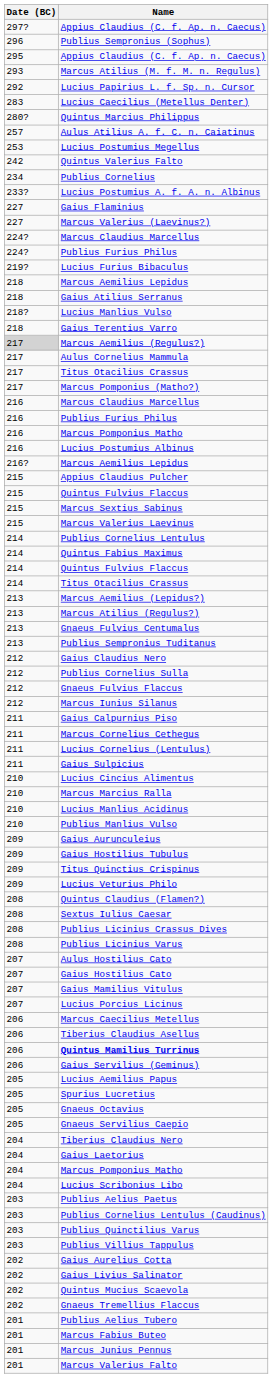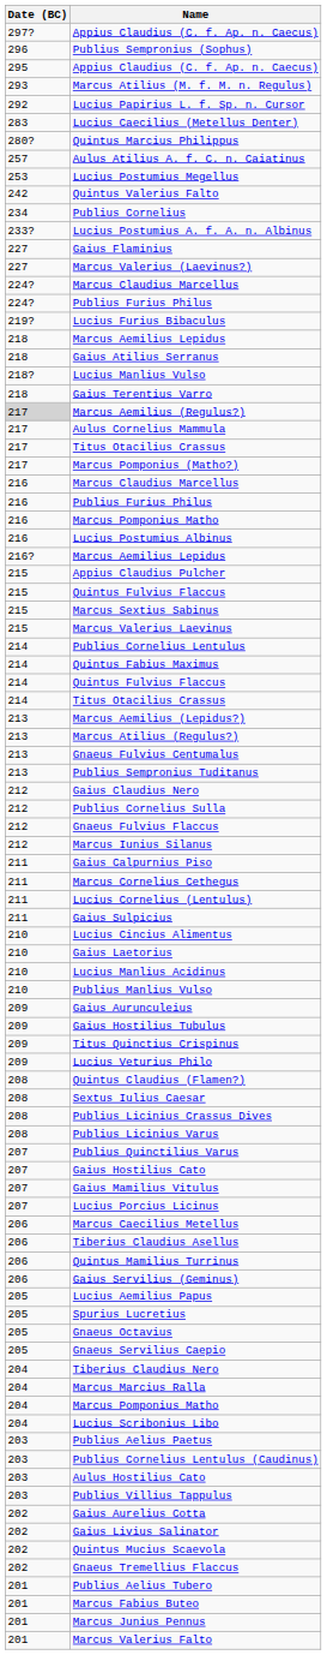 <table class="wikitable sortable">
 <tr>
 <th>Date (BC)</th>
 <th>Name</th>
 </tr>
 <tr>
 <td>297?</td>
 <td><a href='#'>Appius Claudius (C. f. Ap. n. Caecus)</a></td>
 </tr>
 <tr>
 <td>296</td>
 <td><a href='#'>Publius Sempronius (Sophus)</a></td>
 </tr>
 <tr>
 <td>295</td>
 <td><a href='#'>Appius Claudius (C. f. Ap. n. Caecus)</a></td>
 </tr>
 <tr>
 <td>293</td>
 <td><a href='#'>Marcus Atilius (M. f. M. n. Regulus)</a></td>
 </tr>
 <tr>
 <td>292</td>
 <td><a href='#'>Lucius Papirius L. f. Sp. n. Cursor</a></td>
 </tr>
 <tr>
 <td>283</td>
 <td><a href='#'>Lucius Caecilius (Metellus Denter)</a></td>
 </tr>
 <tr>
 <td>280?</td>
 <td><a href='#'>Quintus Marcius Philippus</a></td>
 </tr>
 <tr>
 <td>257</td>
 <td><a href='#'>Aulus Atilius A. f. C. n. Caiatinus</a></td>
 </tr>
 <tr>
 <td>253</td>
 <td><a href='#'>Lucius Postumius Megellus</a></td>
 </tr>
 <tr>
 <td>242</td>
 <td><a href='#'>Quintus Valerius Falto</a></td>
 </tr>
 <tr>
 <td>234</td>
 <td><a href='#'>Publius Cornelius</a></td>
 </tr>
 <tr>
 <td>233?</td>
 <td><a href='#'>Lucius Postumius A. f. A. n. Albinus</a></td>
 </tr>
 <tr>
 <td>227</td>
 <td><a href='#'>Gaius Flaminius</a></td>
 </tr>
 <tr>
 <td>227</td>
 <td><a href='#'>Marcus Valerius (Laevinus?)</a></td>
 </tr>
 <tr>
 <td>224?</td>
 <td><a href='#'>Marcus Claudius Marcellus</a></td>
 </tr>
 <tr>
 <td>224?</td>
 <td><a href='#'>Publius Furius Philus</a></td>
 </tr>
 <tr>
 <td>219?</td>
 <td><a href='#'>Lucius Furius Bibaculus</a></td>
 </tr>
 <tr>
 <td>218</td>
 <td><a href='#'>Marcus Aemilius Lepidus</a></td>
 </tr>
 <tr>
 <td>218</td>
 <td><a href='#'>Gaius Atilius Serranus</a></td>
 </tr>
 <tr>
 <td>218?</td>
 <td><a href='#'>Lucius Manlius Vulso</a></td>
 </tr>
 <tr>
 <td>218</td>
 <td><a href='#'>Gaius Terentius Varro</a></td>
 </tr>
 <tr>
 <td style="background: lightgrey;">217</td>
 <td><a href='#'>Marcus Aemilius (Regulus?)</a></td>
 </tr>
 <tr>
 <td>217</td>
 <td><a href='#'>Aulus Cornelius Mammula</a></td>
 </tr>
 <tr>
 <td>217</td>
 <td><a href='#'>Titus Otacilius Crassus</a></td>
 </tr>
 <tr>
 <td>217</td>
 <td><a href='#'>Marcus Pomponius (Matho?)</a></td>
 </tr>
 <tr>
 <td>216</td>
 <td><a href='#'>Marcus Claudius Marcellus</a></td>
 </tr>
 <tr>
 <td>216</td>
 <td><a href='#'>Publius Furius Philus</a></td>
 </tr>
 <tr>
 <td>216</td>
 <td><a href='#'>Marcus Pomponius Matho</a></td>
 </tr>
 <tr>
 <td>216</td>
 <td><a href='#'>Lucius Postumius Albinus</a></td>
 </tr>
 <tr>
 <td>216?</td>
 <td><a href='#'>Marcus Aemilius Lepidus</a></td>
 </tr>
 <tr>
 <td>215</td>
 <td><a href='#'>Appius Claudius Pulcher</a></td>
 </tr>
 <tr>
 <td>215</td>
 <td><a href='#'>Quintus Fulvius Flaccus</a></td>
 </tr>
 <tr>
 <td>215</td>
 <td><a href='#'>Marcus Sextius Sabinus</a></td>
 </tr>
 <tr>
 <td>215</td>
 <td><a href='#'>Marcus Valerius Laevinus</a></td>
 </tr>
 <tr>
 <td>214</td>
 <td><a href='#'>Publius Cornelius Lentulus</a></td>
 </tr>
 <tr>
 <td>214</td>
 <td><a href='#'>Quintus Fabius Maximus</a></td>
 </tr>
 <tr>
 <td>214</td>
 <td><a href='#'>Quintus Fulvius Flaccus</a></td>
 </tr>
 <tr>
 <td>214</td>
 <td><a href='#'>Titus Otacilius Crassus</a></td>
 </tr>
 <tr>
 <td>213</td>
 <td><a href='#'>Marcus Aemilius (Lepidus?)</a></td>
 </tr>
 <tr>
 <td>213</td>
 <td><a href='#'>Marcus Atilius (Regulus?)</a></td>
 </tr>
 <tr>
 <td>213</td>
 <td><a href='#'>Gnaeus Fulvius Centumalus</a></td>
 </tr>
 <tr>
 <td>213</td>
 <td><a href='#'>Publius Sempronius Tuditanus</a></td>
 </tr>
 <tr>
 <td>212</td>
 <td><a href='#'>Gaius Claudius Nero</a></td>
 </tr>
 <tr>
 <td>212</td>
 <td><a href='#'>Publius Cornelius Sulla</a></td>
 </tr>
 <tr>
 <td>212</td>
 <td><a href='#'>Gnaeus Fulvius Flaccus</a></td>
 </tr>
 <tr>
 <td>212</td>
 <td><a href='#'>Marcus Iunius Silanus</a></td>
 </tr>
 <tr>
 <td>211</td>
 <td><a href='#'>Gaius Calpurnius Piso</a></td>
 </tr>
 <tr>
 <td>211</td>
 <td><a href='#'>Marcus Cornelius Cethegus</a></td>
 </tr>
 <tr>
 <td>211</td>
 <td><a href='#'>Lucius Cornelius (Lentulus)</a></td>
 </tr>
 <tr>
 <td>211</td>
 <td><a href='#'>Gaius Sulpicius</a></td>
 </tr>
 <tr>
 <td>210</td>
 <td><a href='#'>Lucius Cincius Alimentus</a></td>
 </tr>
 <tr>
 <td>210</td>
-<td><a href='#'>Marcus Marcius Ralla</a></td>
+<td><a href='#'>Gaius Laetorius</a></td>
 </tr>
 <tr>
 <td>210</td>
 <td><a href='#'>Lucius Manlius Acidinus</a></td>
 </tr>
 <tr>
 <td>210</td>
 <td><a href='#'>Publius Manlius Vulso</a></td>
 </tr>
 <tr>
 <td>209</td>
 <td><a href='#'>Gaius Aurunculeius</a></td>
 </tr>
 <tr>
 <td>209</td>
 <td><a href='#'>Gaius Hostilius Tubulus</a></td>
 </tr>
 <tr>
 <td>209</td>
 <td><a href='#'>Titus Quinctius Crispinus</a></td>
 </tr>
 <tr>
 <td>209</td>
 <td><a href='#'>Lucius Veturius Philo</a></td>
 </tr>
 <tr>
 <td>208</td>
 <td><a href='#'>Quintus Claudius (Flamen?)</a></td>
 </tr>
 <tr>
 <td>208</td>
 <td><a href='#'>Sextus Iulius Caesar</a></td>
 </tr>
 <tr>
 <td>208</td>
 <td><a href='#'>Publius Licinius Crassus Dives</a></td>
 </tr>
 <tr>
 <td>208</td>
 <td><a href='#'>Publius Licinius Varus</a></td>
 </tr>
 <tr>
 <td>207</td>
-<td><a href='#'>Aulus Hostilius Cato</a></td>
+<td><a href='#'>Publius Quinctilius Varus</a></td>
 </tr>
 <tr>
 <td>207</td>
 <td><a href='#'>Gaius Hostilius Cato</a></td>
 </tr>
 <tr>
 <td>207</td>
 <td><a href='#'>Gaius Mamilius Vitulus</a></td>
 </tr>
 <tr>
 <td>207</td>
 <td><a href='#'>Lucius Porcius Licinus</a></td>
 </tr>
 <tr>
 <td>206</td>
 <td><a href='#'>Marcus Caecilius Metellus</a></td>
 </tr>
 <tr>
 <td>206</td>
 <td><a href='#'>Tiberius Claudius Asellus</a></td>
 </tr>
 <tr>
 <td>206</td>
-<td><strong><a href='#'>Quintus Mamilius Turrinus</a></strong></td>
+<td><a href='#'>Quintus Mamilius Turrinus</a></td>
 </tr>
 <tr>
 <td>206</td>
 <td><a href='#'>Gaius Servilius (Geminus)</a></td>
 </tr>
 <tr>
 <td>205</td>
 <td><a href='#'>Lucius Aemilius Papus</a></td>
 </tr>
 <tr>
 <td>205</td>
 <td><a href='#'>Spurius Lucretius</a></td>
 </tr>
 <tr>
 <td>205</td>
 <td><a href='#'>Gnaeus Octavius</a></td>
 </tr>
 <tr>
 <td>205</td>
 <td><a href='#'>Gnaeus Servilius Caepio</a></td>
 </tr>
 <tr>
 <td>204</td>
 <td><a href='#'>Tiberius Claudius Nero</a></td>
 </tr>
 <tr>
 <td>204</td>
-<td><a href='#'>Gaius Laetorius</a></td>
+<td><a href='#'>Marcus Marcius Ralla</a></td>
 </tr>
 <tr>
 <td>204</td>
 <td><a href='#'>Marcus Pomponius Matho</a></td>
 </tr>
 <tr>
 <td>204</td>
 <td><a href='#'>Lucius Scribonius Libo</a></td>
 </tr>
 <tr>
 <td>203</td>
 <td><a href='#'>Publius Aelius Paetus</a></td>
 </tr>
 <tr>
 <td>203</td>
 <td><a href='#'>Publius Cornelius Lentulus (Caudinus)</a></td>
 </tr>
 <tr>
 <td>203</td>
-<td><a href='#'>Publius Quinctilius Varus</a></td>
+<td><a href='#'>Aulus Hostilius Cato</a></td>
 </tr>
 <tr>
 <td>203</td>
 <td><a href='#'>Publius Villius Tappulus</a></td>
 </tr>
 <tr>
 <td>202</td>
 <td><a href='#'>Gaius Aurelius Cotta</a></td>
 </tr>
 <tr>
 <td>202</td>
 <td><a href='#'>Gaius Livius Salinator</a></td>
 </tr>
 <tr>
 <td>202</td>
 <td><a href='#'>Quintus Mucius Scaevola</a></td>
 </tr>
 <tr>
 <td>202</td>
 <td><a href='#'>Gnaeus Tremellius Flaccus</a></td>
 </tr>
 <tr>
 <td>201</td>
 <td><a href='#'>Publius Aelius Tubero</a></td>
 </tr>
 <tr>
 <td>201</td>
 <td><a href='#'>Marcus Fabius Buteo</a></td>
 </tr>
 <tr>
 <td>201</td>
 <td><a href='#'>Marcus Junius Pennus</a></td>
 </tr>
 <tr>
 <td>201</td>
 <td><a href='#'>Marcus Valerius Falto</a></td>
 </tr>
 </table>
